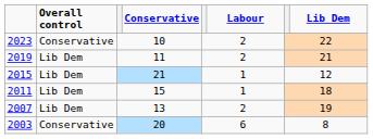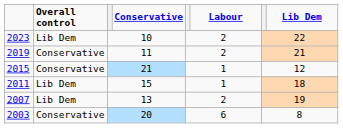 <table class="wikitable" style="text-align:left; padding-left:1em; font-size: 95%">
 <tr>
 <td width=32></td>
 <td width=90><strong>Overall control</strong></td>
 <th style="background-color: "></th>
 <td width=87 align="center"><strong><a href='#'>Conservative</a></strong></td>
 <th style="background-color: "></th>
 <td width=87 align="center"><strong><a href='#'>Labour</a></strong></td>
 <th style="background-color: "></th>
 <td width=87 align="center"><strong><a href='#'>Lib Dem</a></strong></td>
 </tr>
 <tr>
 <td><a href='#'>2023</a></td>
-<td style="background:">Conservative</td>
+<td style="background:">Lib Dem</td>
 <td colspan=2 align="center">10</td>
 <td colspan=2 align="center">2</td>
 <td colspan=2 align="center" style="background:#fed8b1">22</td>
 </tr>
 <tr>
 <td><a href='#'>2019</a></td>
-<td style="background:">Lib Dem</td>
+<td style="background:">Conservative</td>
 <td colspan=2 align="center">11</td>
 <td colspan=2 align="center">2</td>
 <td colspan=2 align="center" style="background:#fed8b1">21</td>
 </tr>
 <tr>
 <td><a href='#'>2015</a></td>
-<td style="background:">Lib Dem</td>
+<td style="background:">Conservative</td>
 <td colspan=2 align="center" style="background:#B3E0FF">21</td>
 <td colspan=2 align="center">1</td>
 <td colspan=2 align="center">12</td>
 </tr>
 <tr>
 <td><a href='#'>2011</a></td>
 <td style="background:">Lib Dem</td>
 <td colspan=2 align="center">15</td>
 <td colspan=2 align="center">1</td>
 <td colspan=2 align="center" style="background:#fed8b1">18</td>
 </tr>
 <tr>
 <td><a href='#'>2007</a></td>
 <td style="background:">Lib Dem</td>
 <td colspan=2 align="center">13</td>
 <td colspan=2 align="center">2</td>
 <td colspan=2 align="center" style="background:#fed8b1">19</td>
 </tr>
 <tr>
 <td><a href='#'>2003</a></td>
 <td style="background:">Conservative</td>
 <td colspan=2 align="center" style="background:#B3E0FF">20</td>
 <td colspan=2 align="center">6</td>
 <td colspan=2 align="center">8</td>
 </tr>
 </table>
